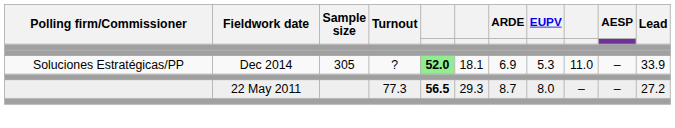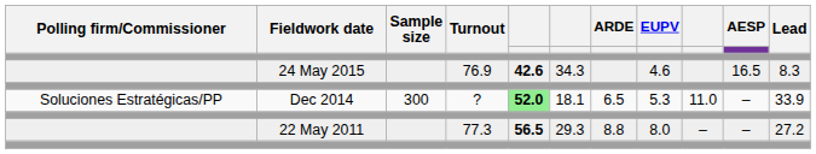 <table class="wikitable collapsible collapsed" style="text-align:center; font-size:95%; line-height:16px;">
 <tr style="height:42px;">
 <th style="width:250px;" rowspan="2">Polling firm/Commissioner</th>
 <th style="width:125px;" rowspan="2">Fieldwork date</th>
 <th style="width:50px;" rowspan="2">Sample size</th>
 <th style="width:45px;" rowspan="2">Turnout</th>
 <th style="width:35px;"></th>
 <th style="width:35px;"></th>
 <th style="width:35px; font-size:95%;">ARDE</th>
 <th style="width:35px; font-size:95%;"><a href='#'>EUPV</a></th>
 <th style="width:35px;"></th>
 <th style="width:35px; font-size:95%;">AESP</th>
 <th style="width:30px;" rowspan="2">Lead</th>
 </tr>
 <tr>
 <th style="color:inherit;background:"></th>
 <th style="color:inherit;background:"></th>
 <th style="color:inherit;background:"></th>
 <th style="color:inherit;background:"></th>
 <th style="color:inherit;background:"></th>
 <th style="color:inherit;background:#6F3098;"></th>
 </tr>
 <tr>
 <td colspan="11" style="background:#A0A0A0"></td>
 </tr>
+<tr style="background:#EFEFEF;">
+<td><strong></strong></td>
+<td>24 May 2015</td>
+<td></td>
+<td>76.9</td>
+<td><strong>42.6</strong><br></td>
+<td>34.3<br></td>
+<td></td>
+<td>4.6<br></td>
+<td></td>
+<td>16.5<br></td>
+<td style="background:">8.3</td>
+</tr>
 <tr>
 <td colspan="11" style="background:#A0A0A0"></td>
 </tr>
 <tr>
 <td>Soluciones Estratégicas/PP</td>
 <td>Dec 2014</td>
-<td>305</td>
+<td>300</td>
 <td>?</td>
 <td style="background: lightgreen;"><strong>52.0</strong><br></td>
 <td>18.1<br></td>
-<td>6.9<br></td>
+<td>6.5<br></td>
 <td>5.3<br></td>
 <td>11.0<br></td>
 <td>–</td>
 <td style="background:">33.9</td>
 </tr>
 <tr>
 <td colspan="11" style="background:#A0A0A0"></td>
 </tr>
 <tr style="background:#EFEFEF;">
 <td><strong></strong></td>
 <td>22 May 2011</td>
 <td></td>
 <td>77.3</td>
 <td><strong>56.5</strong><br></td>
 <td>29.3<br></td>
-<td>8.7<br></td>
+<td>8.8<br></td>
 <td>8.0<br></td>
 <td>–</td>
 <td>–</td>
 <td style="background:">27.2</td>
 </tr>
 <tr>
 <td colspan="11" style="background:#A0A0A0"></td>
 </tr>
 </table>
